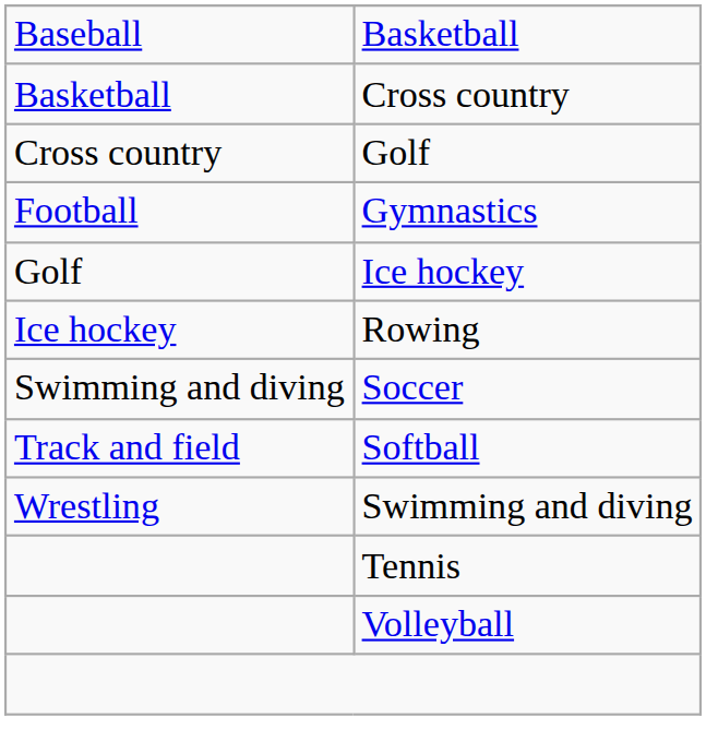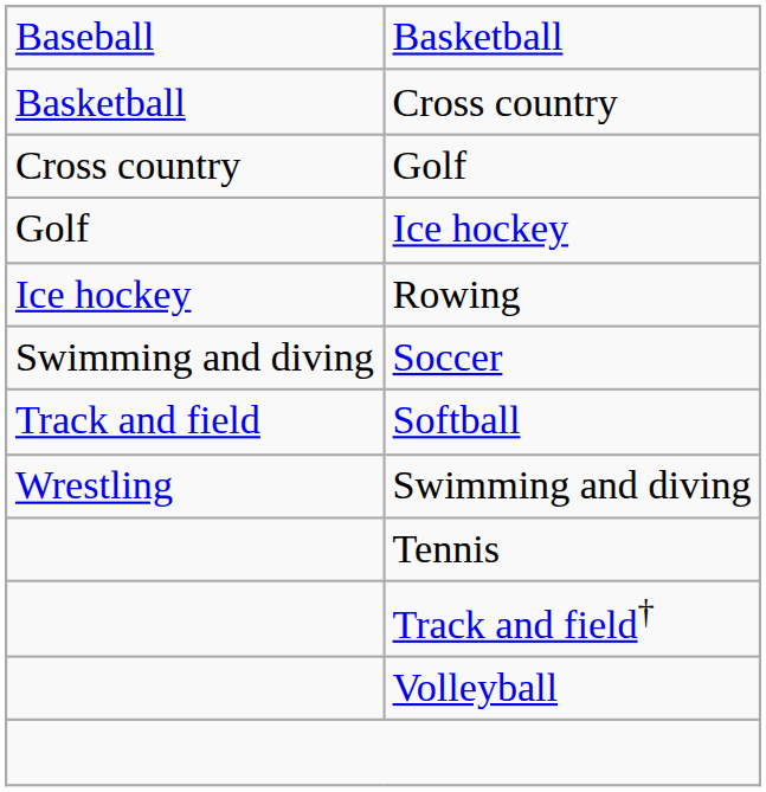 <table class="wikitable" style=" ">
 <tr>
 </tr>
 <tr>
 <td><a href='#'>Baseball</a></td>
 <td><a href='#'>Basketball</a></td>
 </tr>
 <tr>
 <td><a href='#'>Basketball</a></td>
 <td>Cross country</td>
 </tr>
 <tr>
 <td>Cross country</td>
 <td>Golf</td>
-</tr>
-<tr>
-<td><a href='#'>Football</a></td>
-<td><a href='#'>Gymnastics</a></td>
 </tr>
 <tr>
 <td>Golf</td>
 <td><a href='#'>Ice hockey</a></td>
 </tr>
 <tr>
 <td><a href='#'>Ice hockey</a></td>
 <td>Rowing</td>
 </tr>
 <tr>
 <td>Swimming and diving</td>
 <td><a href='#'>Soccer</a></td>
 </tr>
 <tr>
 <td><a href='#'>Track and field</a></td>
 <td><a href='#'>Softball</a></td>
 </tr>
 <tr>
 <td><a href='#'>Wrestling</a></td>
 <td>Swimming and diving</td>
 </tr>
 <tr>
 <td></td>
 <td>Tennis</td>
 </tr>
 <tr>
 <td></td>
+<td><a href='#'>Track and field</a><sup>†</sup></td>
+</tr>
+<tr>
+<td></td>
 <td><a href='#'>Volleyball</a></td>
 </tr>
 <tr>
 <td colspan="2"><br></td>
 </tr>
 </table>
